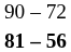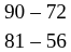 <table style="text-align:center;">
 <tr>
 <th width=200></th>
 <th width=100></th>
 <th width=200></th>
 <th></th>
 </tr>
 <tr>
 <td align=right><strong></strong></td>
 <td>90 – 72</td>
 <td align=left></td>
 </tr>
 <tr>
 <td align=right><strong></strong></td>
-<td><strong>81 – 56</strong></td>
+<td>81 – 56</td>
 <td align=left></td>
 </tr>
 </table>
